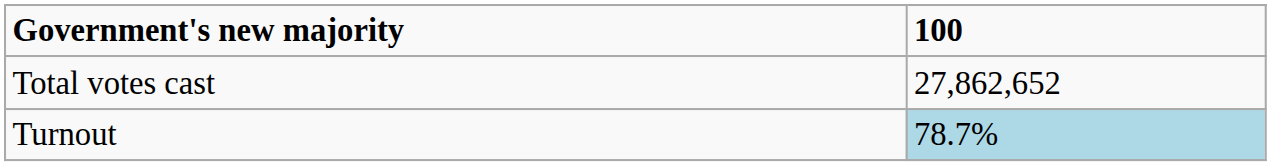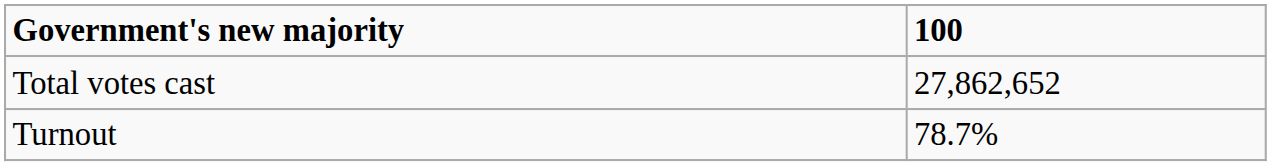 <table class="wikitable" style="width:70%">
 <tr>
 <td><strong>Government's new majority</strong></td>
 <td><strong>100</strong></td>
 </tr>
 <tr>
 <td>Total votes cast</td>
 <td>27,862,652</td>
 </tr>
 <tr>
 <td>Turnout</td>
-<td style="background: lightblue;">78.7%</td>
+<td>78.7%</td>
 </tr>
 </table>
